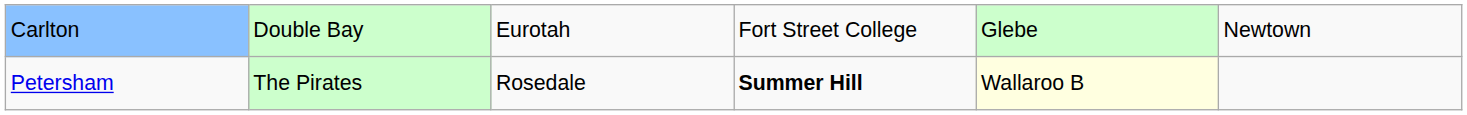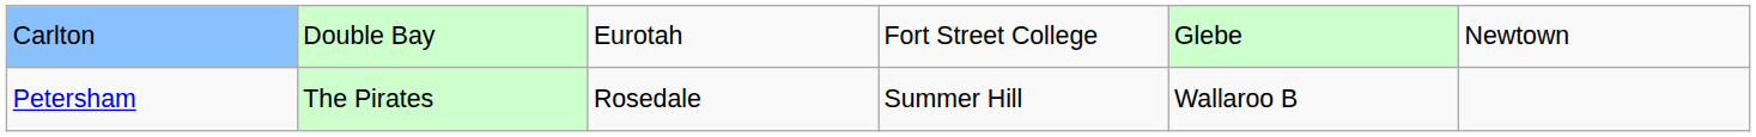 <table class="wikitable" style="margin:auto; text-valign:center; text-align:left;">
 <tr style="line-height:200%">
 <td width="175", style="background: #89c1ff;">Carlton</td>
 <td width="175", style="background: #ccffcc;">Double Bay</td>
 <td width="175">Eurotah</td>
 <td width="175">Fort Street College</td>
 <td width="175", style="background: #ccffcc;">Glebe</td>
 <td width="175">Newtown</td>
 </tr>
 <tr style="line-height:200%">
 <td> <a href='#'>Petersham</a></td>
 <td style="background: #ccffcc;"> The Pirates</td>
 <td> Rosedale</td>
-<td><strong>Summer Hill</strong></td>
-<td style="background: lightyellow;"> Wallaroo B</td>
+<td>Summer Hill</td>
+<td> Wallaroo B</td>
 <td></td>
 </tr>
 </table>
